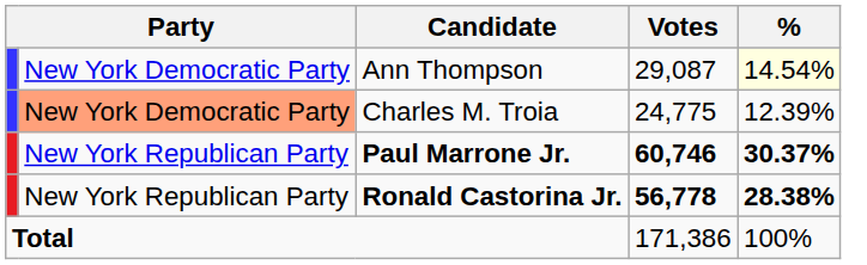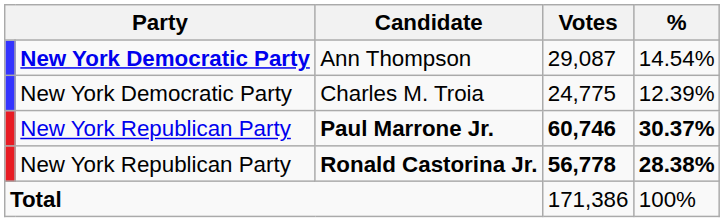 <table class="wikitable" style="font-size: 95%">
 <tr>
 <th colspan="2">Party</th>
 <th>Candidate</th>
 <th>Votes</th>
 <th>%</th>
 </tr>
 <tr>
 <td bgcolor="#3333FF"></td>
-<td><a href='#'>New York Democratic Party</a></td>
+<td><strong><a href='#'>New York Democratic Party</a></strong></td>
 <td>Ann Thompson</td>
 <td>29,087</td>
-<td style="background: lightyellow;">14.54%</td>
+<td>14.54%</td>
 </tr>
 <tr>
 <td bgcolor="#3333FF"></td>
-<td style="background: lightsalmon;">New York Democratic Party</td>
+<td>New York Democratic Party</td>
 <td>Charles M. Troia</td>
 <td>24,775</td>
 <td>12.39%</td>
 </tr>
 <tr>
 <td bgcolor="#E81B23"></td>
 <td><a href='#'>New York Republican Party</a></td>
 <td><strong>Paul Marrone Jr.</strong></td>
 <td><strong>60,746</strong></td>
 <td><strong>30.37%</strong></td>
 </tr>
 <tr>
 <td bgcolor="#E81B23"></td>
 <td>New York Republican Party</td>
 <td><strong>Ronald Castorina Jr.</strong></td>
 <td><strong>56,778</strong></td>
 <td><strong>28.38%</strong></td>
 </tr>
 <tr>
 <td colspan="3"><strong>Total</strong></td>
 <td>171,386</td>
 <td>100%</td>
 </tr>
 </table>
